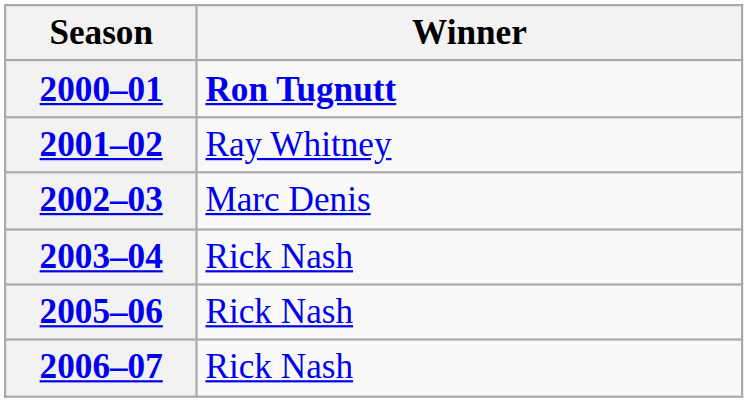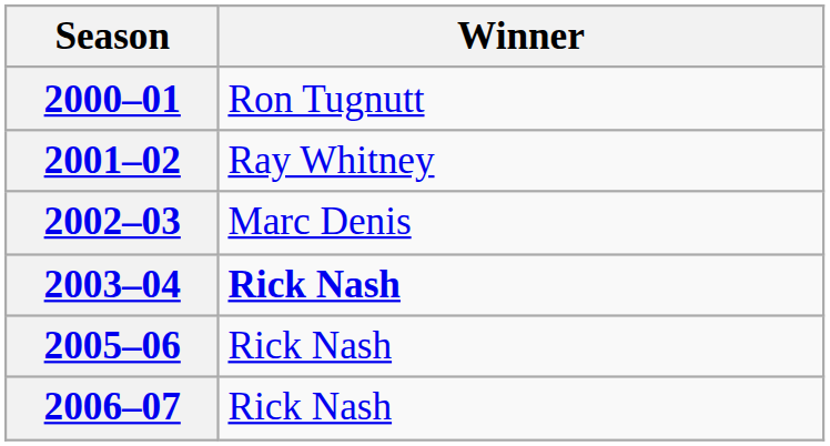 <table class="wikitable">
 <tr>
 <th scope="col" style="width:5em">Season</th>
 <th scope="col" style="width:15em">Winner</th>
 </tr>
 <tr>
 <th scope="row"><a href='#'>2000–01</a></th>
-<td><strong><a href='#'>Ron Tugnutt</a></strong></td>
+<td><a href='#'>Ron Tugnutt</a></td>
 </tr>
 <tr>
 <th scope="row"><a href='#'>2001–02</a></th>
 <td><a href='#'>Ray Whitney</a></td>
 </tr>
 <tr>
 <th scope="row"><a href='#'>2002–03</a></th>
 <td><a href='#'>Marc Denis</a></td>
 </tr>
 <tr>
 <th scope="row"><a href='#'>2003–04</a></th>
-<td><a href='#'>Rick Nash</a></td>
+<td><strong><a href='#'>Rick Nash</a></strong></td>
 </tr>
 <tr>
 <th scope="row"><a href='#'>2005–06</a></th>
 <td><a href='#'>Rick Nash</a></td>
 </tr>
 <tr>
 <th scope="row"><a href='#'>2006–07</a></th>
 <td><a href='#'>Rick Nash</a></td>
 </tr>
 </table>
